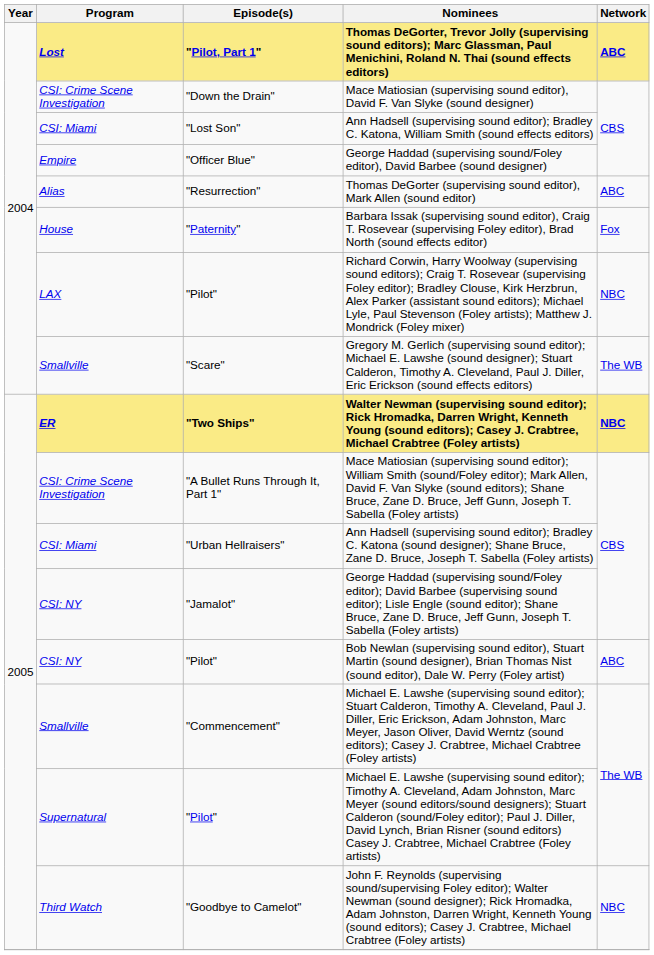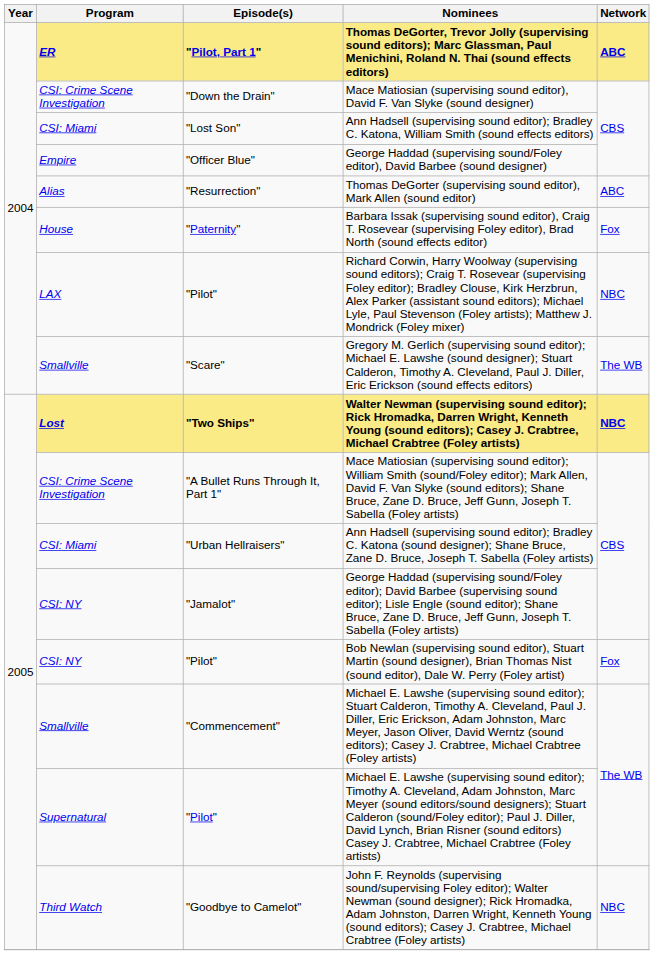 <table class="wikitable" style="width:100%">
 <tr bgcolor="#bebebe">
 <th width="5%">Year</th>
 <th width="23%">Program</th>
 <th width="25%">Episode(s)</th>
 <th width="40%">Nominees</th>
 <th width="7%">Network</th>
 </tr>
 <tr>
 <td rowspan=8 style="text-align:center">2004<br></td>
-<td style="background:#FAEB86;"><strong><em><a href='#'>Lost</a></em></strong></td>
+<td style="background:#FAEB86;"><strong><em><a href='#'>ER</a></em></strong></td>
 <td style="background:#FAEB86;"><strong>"<a href='#'>Pilot, Part 1</a>"</strong></td>
 <td style="background:#FAEB86;"><strong>Thomas DeGorter, Trevor Jolly (supervising sound editors); Marc Glassman, Paul Menichini, Roland N. Thai (sound effects editors)</strong></td>
 <td style="background:#FAEB86;"><strong><a href='#'>ABC</a></strong></td>
 </tr>
 <tr>
 <td><em><a href='#'>CSI: Crime Scene Investigation</a></em></td>
 <td>"Down the Drain"</td>
 <td>Mace Matiosian (supervising sound editor), David F. Van Slyke (sound designer)</td>
 <td rowspan="3"><a href='#'>CBS</a></td>
 </tr>
 <tr>
 <td><em><a href='#'>CSI: Miami</a></em></td>
 <td>"Lost Son"</td>
 <td>Ann Hadsell (supervising sound editor); Bradley C. Katona, William Smith (sound effects editors)</td>
 </tr>
 <tr>
 <td><em><a href='#'>Empire</a></em></td>
 <td>"Officer Blue"</td>
 <td>George Haddad (supervising sound/Foley editor), David Barbee (sound designer)</td>
 </tr>
 <tr>
 <td><em><a href='#'>Alias</a></em></td>
 <td>"Resurrection"</td>
 <td>Thomas DeGorter (supervising sound editor), Mark Allen (sound editor)</td>
 <td><a href='#'>ABC</a></td>
 </tr>
 <tr>
 <td><em><a href='#'>House</a></em></td>
 <td>"<a href='#'>Paternity</a>"</td>
 <td>Barbara Issak (supervising sound editor), Craig T. Rosevear (supervising Foley editor), Brad North (sound effects editor)</td>
 <td><a href='#'>Fox</a></td>
 </tr>
 <tr>
 <td><em><a href='#'>LAX</a></em></td>
 <td>"Pilot"</td>
 <td>Richard Corwin, Harry Woolway (supervising sound editors); Craig T. Rosevear (supervising Foley editor); Bradley Clouse, Kirk Herzbrun, Alex Parker (assistant sound editors); Michael Lyle, Paul Stevenson (Foley artists); Matthew J. Mondrick (Foley mixer)</td>
 <td><a href='#'>NBC</a></td>
 </tr>
 <tr>
 <td><em><a href='#'>Smallville</a></em></td>
 <td>"Scare"</td>
 <td>Gregory M. Gerlich (supervising sound editor); Michael E. Lawshe (sound designer); Stuart Calderon, Timothy A. Cleveland, Paul J. Diller, Eric Erickson (sound effects editors)</td>
 <td><a href='#'>The WB</a></td>
 </tr>
 <tr>
 <td rowspan=8 style="text-align:center">2005<br></td>
-<td style="background:#FAEB86;"><strong><em><a href='#'>ER</a></em></strong></td>
+<td style="background:#FAEB86;"><strong><em><a href='#'>Lost</a></em></strong></td>
 <td style="background:#FAEB86;"><strong>"Two Ships" </strong></td>
 <td style="background:#FAEB86;"><strong>Walter Newman (supervising sound editor); Rick Hromadka, Darren Wright, Kenneth Young (sound editors); Casey J. Crabtree, Michael Crabtree (Foley artists)</strong></td>
 <td style="background:#FAEB86;"><strong><a href='#'>NBC</a></strong></td>
 </tr>
 <tr>
 <td><em><a href='#'>CSI: Crime Scene Investigation</a></em></td>
 <td>"A Bullet Runs Through It, Part 1"</td>
 <td>Mace Matiosian (supervising sound editor); William Smith (sound/Foley editor); Mark Allen, David F. Van Slyke (sound editors); Shane Bruce, Zane D. Bruce, Jeff Gunn, Joseph T. Sabella (Foley artists)</td>
 <td rowspan="3"><a href='#'>CBS</a></td>
 </tr>
 <tr>
 <td><em><a href='#'>CSI: Miami</a></em></td>
 <td>"Urban Hellraisers"</td>
 <td>Ann Hadsell (supervising sound editor); Bradley C. Katona (sound designer); Shane Bruce, Zane D. Bruce, Joseph T. Sabella (Foley artists)</td>
 </tr>
 <tr>
 <td><em><a href='#'>CSI: NY</a></em></td>
 <td>"Jamalot"</td>
 <td>George Haddad (supervising sound/Foley editor); David Barbee (supervising sound editor); Lisle Engle (sound editor); Shane Bruce, Zane D. Bruce, Jeff Gunn, Joseph T. Sabella (Foley artists)</td>
 </tr>
 <tr>
 <td><em><a href='#'>CSI: NY</a></em></td>
 <td>"Pilot"</td>
 <td>Bob Newlan (supervising sound editor), Stuart Martin (sound designer), Brian Thomas Nist (sound editor), Dale W. Perry (Foley artist)</td>
-<td><a href='#'>ABC</a></td>
+<td><a href='#'>Fox</a></td>
 </tr>
 <tr>
 <td><em><a href='#'>Smallville</a></em></td>
 <td>"Commencement"</td>
 <td>Michael E. Lawshe (supervising sound editor); Stuart Calderon, Timothy A. Cleveland, Paul J. Diller, Eric Erickson, Adam Johnston, Marc Meyer, Jason Oliver, David Werntz (sound editors); Casey J. Crabtree, Michael Crabtree (Foley artists)</td>
 <td rowspan="2"><a href='#'>The WB</a></td>
 </tr>
 <tr>
 <td><em><a href='#'>Supernatural</a></em></td>
 <td>"<a href='#'>Pilot</a>"</td>
 <td>Michael E. Lawshe (supervising sound editor); Timothy A. Cleveland, Adam Johnston, Marc Meyer (sound editors/sound designers); Stuart Calderon (sound/Foley editor); Paul J. Diller, David Lynch, Brian Risner (sound editors) Casey J. Crabtree, Michael Crabtree (Foley artists)</td>
 </tr>
 <tr>
 <td><em><a href='#'>Third Watch</a></em></td>
 <td>"Goodbye to Camelot"</td>
 <td>John F. Reynolds (supervising sound/supervising Foley editor); Walter Newman (sound designer); Rick Hromadka, Adam Johnston, Darren Wright, Kenneth Young (sound editors); Casey J. Crabtree, Michael Crabtree (Foley artists)</td>
 <td><a href='#'>NBC</a></td>
 </tr>
 <tr>
 </tr>
 </table>
